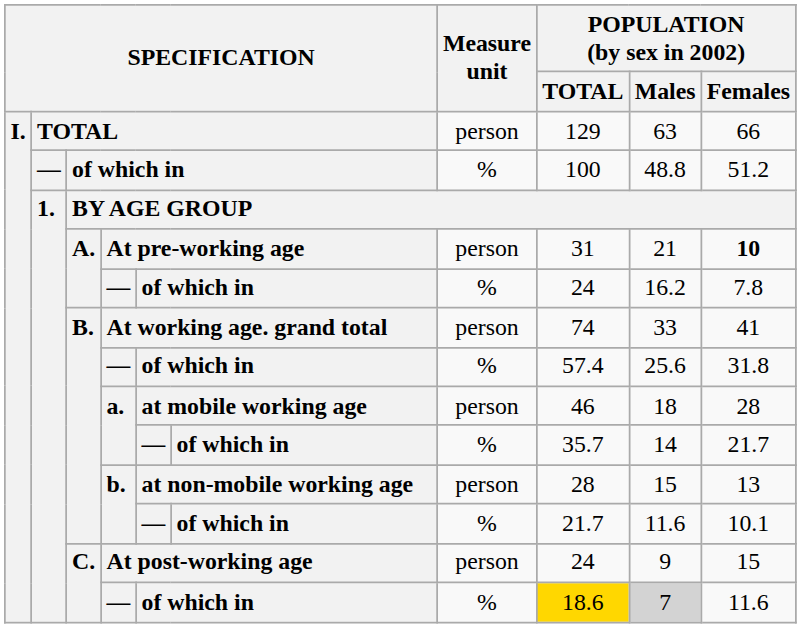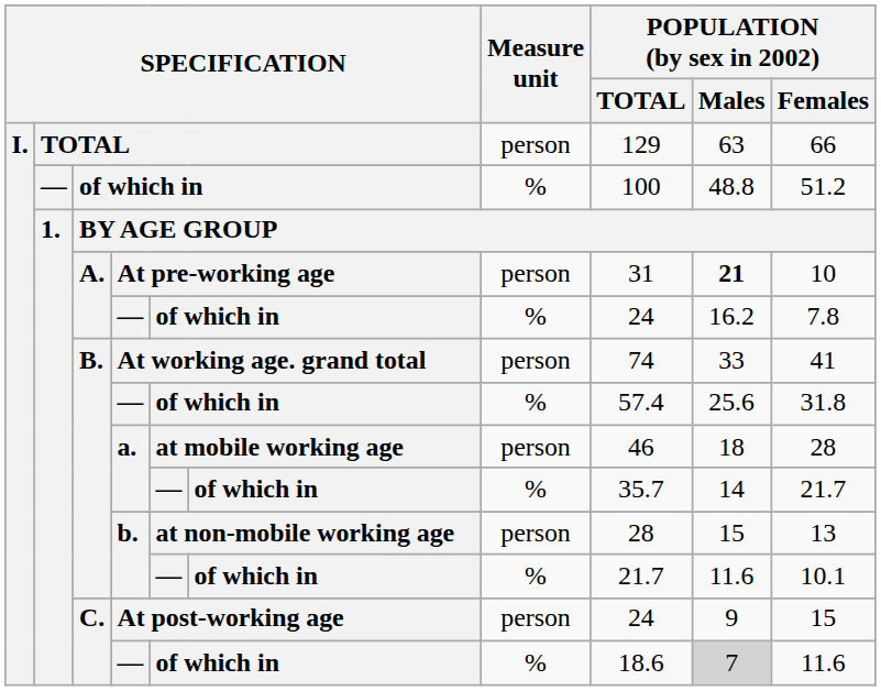 <table class="wikitable" style="font-size:85%; text-align:center">
 <tr>
 <th rowspan="2" colspan="6">SPECIFICATION</th>
 <th rowspan="2">Measure<br> unit</th>
 <th colspan="3" rowspan="1">POPULATION<br> (by sex in 2002)</th>
 </tr>
 <tr>
 <th>TOTAL</th>
 <th>Males</th>
 <th>Females</th>
 </tr>
 <tr>
 <th style="text-align:left" valign="top" rowspan="13">I.</th>
 <th style="text-align:left" colspan="5">TOTAL</th>
 <td>person</td>
 <td>129</td>
 <td>63</td>
 <td>66</td>
 </tr>
 <tr>
 <th style="text-align:left" valign="top">—</th>
 <th style="text-align:left" colspan="4">of which in</th>
 <td>%</td>
 <td>100</td>
 <td>48.8</td>
 <td>51.2</td>
 </tr>
 <tr>
 <th style="text-align:left" valign="top" rowspan="11">1.</th>
 <th style="text-align:left" colspan="19">BY AGE GROUP</th>
 </tr>
 <tr>
 <th style="text-align:left" valign="top" rowspan="2">A.</th>
 <th style="text-align:left" colspan="3">At pre-working age</th>
 <td>person</td>
 <td>31</td>
-<td>21</td>
-<td><strong>10</strong></td>
+<td><strong>21</strong></td>
+<td>10</td>
 </tr>
 <tr>
 <th style="text-align:left" valign="top">—</th>
 <th style="text-align:left" valign="top" colspan="2">of which in</th>
 <td>%</td>
 <td>24</td>
 <td>16.2</td>
 <td>7.8</td>
 </tr>
 <tr>
 <th style="text-align:left" valign="top" rowspan="6">B.</th>
 <th style="text-align:left" colspan="3">At working age. grand total</th>
 <td>person</td>
 <td>74</td>
 <td>33</td>
 <td>41</td>
 </tr>
 <tr>
 <th style="text-align:left" valign="top">—</th>
 <th style="text-align:left" valign="top" colspan="2">of which in</th>
 <td>%</td>
 <td>57.4</td>
 <td>25.6</td>
 <td>31.8</td>
 </tr>
 <tr>
 <th style="text-align:left" valign="top" rowspan="2">a.</th>
 <th style="text-align:left" colspan="2">at mobile working age</th>
 <td>person</td>
 <td>46</td>
 <td>18</td>
 <td>28</td>
 </tr>
 <tr>
 <th style="text-align:left" valign="top">—</th>
 <th style="text-align:left" valign="top" colspan="1">of which in                        </th>
 <td>%</td>
 <td>35.7</td>
 <td>14</td>
 <td>21.7</td>
 </tr>
 <tr>
 <th style="text-align:left" valign="top" rowspan="2">b.</th>
 <th style="text-align:left" colspan="2">at non-mobile working age</th>
 <td>person</td>
 <td>28</td>
 <td>15</td>
 <td>13</td>
 </tr>
 <tr>
 <th style="text-align:left" valign="top">—</th>
 <th style="text-align:left" valign="top" colspan="1">of which in                        </th>
 <td>%</td>
 <td>21.7</td>
 <td>11.6</td>
 <td>10.1</td>
 </tr>
 <tr>
 <th style="text-align:left" valign="top" rowspan="2">C.</th>
 <th style="text-align:left" colspan="3">At post-working age</th>
 <td>person</td>
 <td>24</td>
 <td>9</td>
 <td>15</td>
 </tr>
 <tr>
 <th style="text-align:left" valign="top">—</th>
 <th style="text-align:left" valign="top" colspan="2">of which in</th>
 <td>%</td>
-<td style="background: gold;">18.6</td>
+<td>18.6</td>
 <td style="background: lightgrey;">7</td>
 <td>11.6</td>
 </tr>
 </table>
